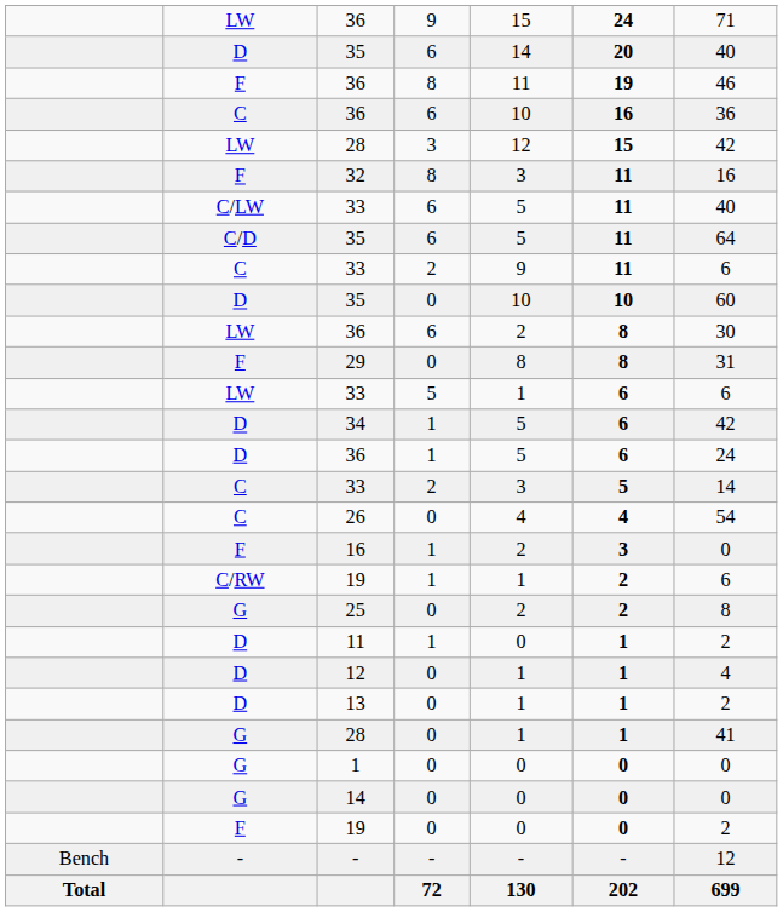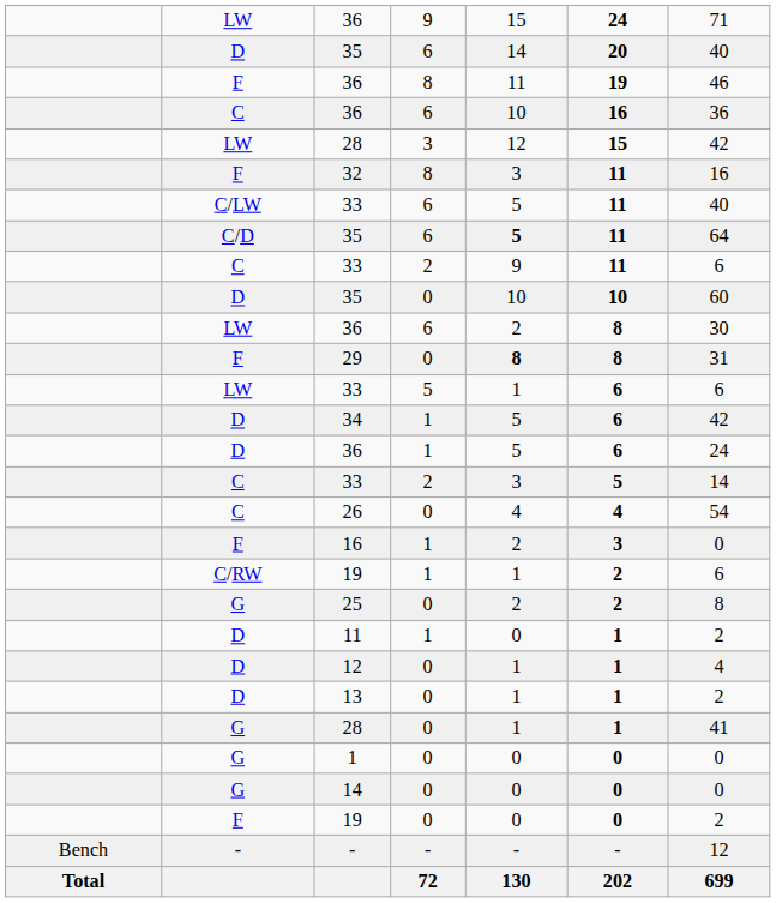 <table class="wikitable sortable" width ="50%">
 <tr align="center">
 </tr>
 <tr align="center" bgcolor="">
 <td></td>
 <td><a href='#'>LW</a></td>
 <td>36</td>
 <td>9</td>
 <td>15</td>
 <td><strong>24</strong></td>
 <td>71</td>
 </tr>
 <tr align="center" bgcolor="f0f0f0">
 <td></td>
 <td><a href='#'>D</a></td>
 <td>35</td>
 <td>6</td>
 <td>14</td>
 <td><strong>20</strong></td>
 <td>40</td>
 </tr>
 <tr align="center" bgcolor="">
 <td></td>
 <td><a href='#'>F</a></td>
 <td>36</td>
 <td>8</td>
 <td>11</td>
 <td><strong>19</strong></td>
 <td>46</td>
 </tr>
 <tr align="center" bgcolor="f0f0f0">
 <td></td>
 <td><a href='#'>C</a></td>
 <td>36</td>
 <td>6</td>
 <td>10</td>
 <td><strong>16</strong></td>
 <td>36</td>
 </tr>
 <tr align="center" bgcolor="">
 <td></td>
 <td><a href='#'>LW</a></td>
 <td>28</td>
 <td>3</td>
 <td>12</td>
 <td><strong>15</strong></td>
 <td>42</td>
 </tr>
 <tr align="center" bgcolor="f0f0f0">
 <td></td>
 <td><a href='#'>F</a></td>
 <td>32</td>
 <td>8</td>
 <td>3</td>
 <td><strong>11</strong></td>
 <td>16</td>
 </tr>
 <tr align="center" bgcolor="">
 <td></td>
 <td><a href='#'>C</a>/<a href='#'>LW</a></td>
 <td>33</td>
 <td>6</td>
 <td>5</td>
 <td><strong>11</strong></td>
 <td>40</td>
 </tr>
 <tr align="center" bgcolor="f0f0f0">
 <td></td>
 <td><a href='#'>C</a>/<a href='#'>D</a></td>
 <td>35</td>
 <td>6</td>
-<td>5</td>
+<td><strong>5</strong></td>
 <td><strong>11</strong></td>
 <td>64</td>
 </tr>
 <tr align="center" bgcolor="">
 <td></td>
 <td><a href='#'>C</a></td>
 <td>33</td>
 <td>2</td>
 <td>9</td>
 <td><strong>11</strong></td>
 <td>6</td>
 </tr>
 <tr align="center" bgcolor="f0f0f0">
 <td></td>
 <td><a href='#'>D</a></td>
 <td>35</td>
 <td>0</td>
 <td>10</td>
 <td><strong>10</strong></td>
 <td>60</td>
 </tr>
 <tr align="center" bgcolor="">
 <td></td>
 <td><a href='#'>LW</a></td>
 <td>36</td>
 <td>6</td>
 <td>2</td>
 <td><strong>8</strong></td>
 <td>30</td>
 </tr>
 <tr align="center" bgcolor="f0f0f0">
 <td></td>
 <td><a href='#'>F</a></td>
 <td>29</td>
 <td>0</td>
-<td>8</td>
+<td><strong>8</strong></td>
 <td><strong>8</strong></td>
 <td>31</td>
 </tr>
 <tr align="center" bgcolor="">
 <td></td>
 <td><a href='#'>LW</a></td>
 <td>33</td>
 <td>5</td>
 <td>1</td>
 <td><strong>6</strong></td>
 <td>6</td>
 </tr>
 <tr align="center" bgcolor="f0f0f0">
 <td></td>
 <td><a href='#'>D</a></td>
 <td>34</td>
 <td>1</td>
 <td>5</td>
 <td><strong>6</strong></td>
 <td>42</td>
 </tr>
 <tr align="center" bgcolor="">
 <td></td>
 <td><a href='#'>D</a></td>
 <td>36</td>
 <td>1</td>
 <td>5</td>
 <td><strong>6</strong></td>
 <td>24</td>
 </tr>
 <tr align="center" bgcolor="f0f0f0">
 <td></td>
 <td><a href='#'>C</a></td>
 <td>33</td>
 <td>2</td>
 <td>3</td>
 <td><strong>5</strong></td>
 <td>14</td>
 </tr>
 <tr align="center" bgcolor="">
 <td></td>
 <td><a href='#'>C</a></td>
 <td>26</td>
 <td>0</td>
 <td>4</td>
 <td><strong>4</strong></td>
 <td>54</td>
 </tr>
 <tr align="center" bgcolor="f0f0f0">
 <td></td>
 <td><a href='#'>F</a></td>
 <td>16</td>
 <td>1</td>
 <td>2</td>
 <td><strong>3</strong></td>
 <td>0</td>
 </tr>
 <tr align="center" bgcolor="">
 <td></td>
 <td><a href='#'>C</a>/<a href='#'>RW</a></td>
 <td>19</td>
 <td>1</td>
 <td>1</td>
 <td><strong>2</strong></td>
 <td>6</td>
 </tr>
 <tr align="center" bgcolor="f0f0f0">
 <td></td>
 <td><a href='#'>G</a></td>
 <td>25</td>
 <td>0</td>
 <td>2</td>
 <td><strong>2</strong></td>
 <td>8</td>
 </tr>
 <tr align="center" bgcolor="">
 <td></td>
 <td><a href='#'>D</a></td>
 <td>11</td>
 <td>1</td>
 <td>0</td>
 <td><strong>1</strong></td>
 <td>2</td>
 </tr>
 <tr align="center" bgcolor="f0f0f0">
 <td></td>
 <td><a href='#'>D</a></td>
 <td>12</td>
 <td>0</td>
 <td>1</td>
 <td><strong>1</strong></td>
 <td>4</td>
 </tr>
 <tr align="center" bgcolor="">
 <td></td>
 <td><a href='#'>D</a></td>
 <td>13</td>
 <td>0</td>
 <td>1</td>
 <td><strong>1</strong></td>
 <td>2</td>
 </tr>
 <tr align="center" bgcolor="f0f0f0">
 <td></td>
 <td><a href='#'>G</a></td>
 <td>28</td>
 <td>0</td>
 <td>1</td>
 <td><strong>1</strong></td>
 <td>41</td>
 </tr>
 <tr align="center" bgcolor="">
 <td></td>
 <td><a href='#'>G</a></td>
 <td>1</td>
 <td>0</td>
 <td>0</td>
 <td><strong>0</strong></td>
 <td>0</td>
 </tr>
 <tr align="center" bgcolor="f0f0f0">
 <td></td>
 <td><a href='#'>G</a></td>
 <td>14</td>
 <td>0</td>
 <td>0</td>
 <td><strong>0</strong></td>
 <td>0</td>
 </tr>
 <tr align="center" bgcolor="">
 <td></td>
 <td><a href='#'>F</a></td>
 <td>19</td>
 <td>0</td>
 <td>0</td>
 <td><strong>0</strong></td>
 <td>2</td>
 </tr>
 <tr align="center" bgcolor="f0f0f0">
 <td>Bench</td>
 <td>-</td>
 <td>-</td>
 <td>-</td>
 <td>-</td>
 <td>-</td>
 <td>12</td>
 </tr>
 <tr>
 <th>Total</th>
 <th></th>
 <th></th>
 <th>72</th>
 <th>130</th>
 <th>202</th>
 <th>699</th>
 </tr>
 </table>
